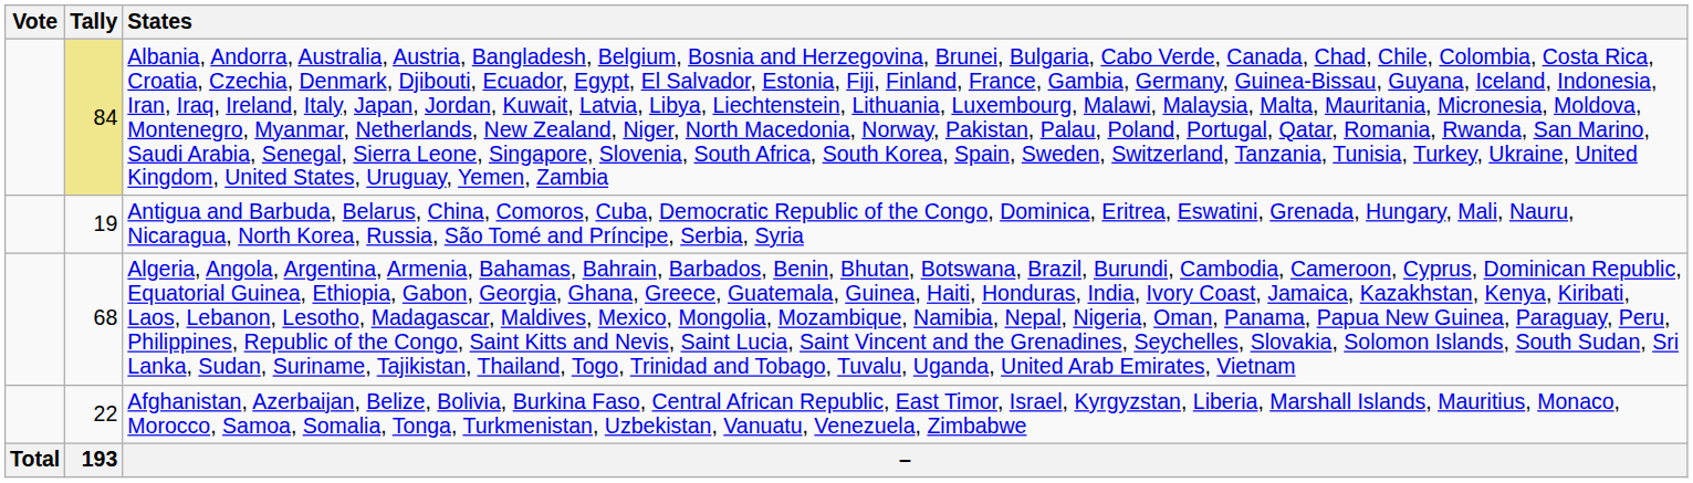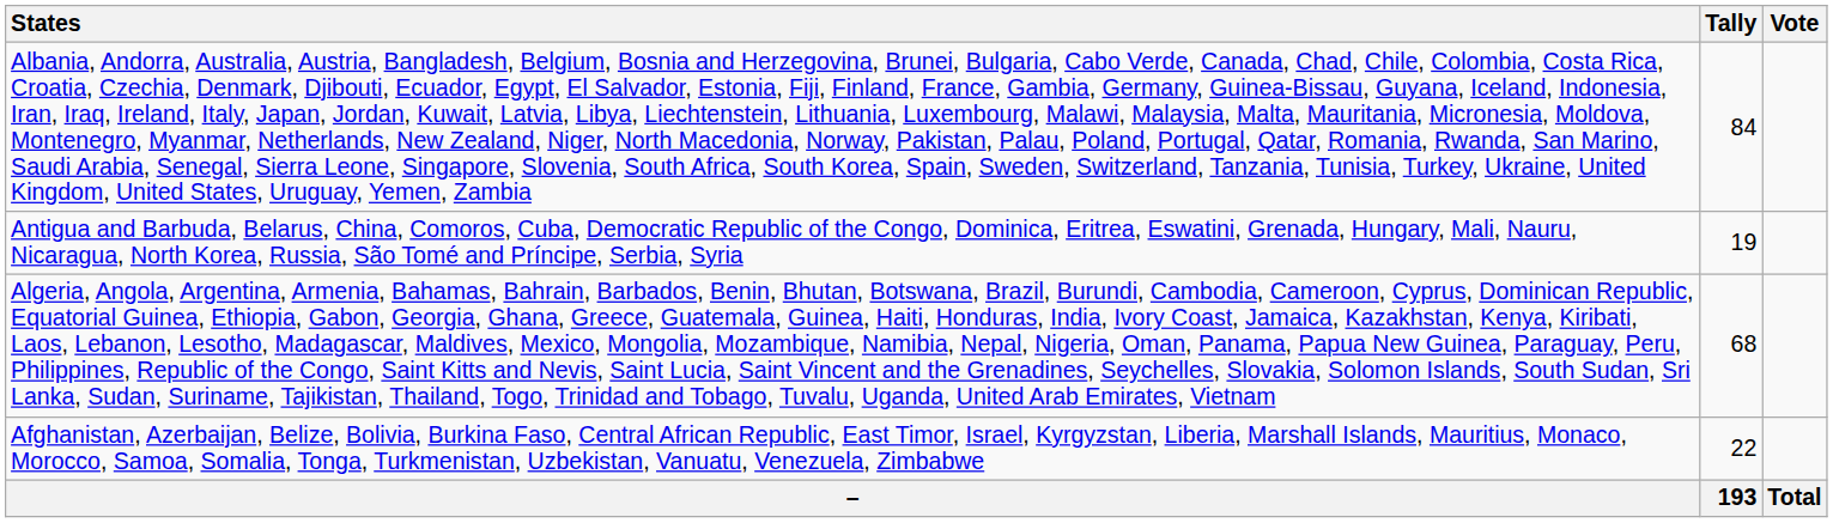 <table class="wikitable sortable">
 <tr>
+<th style="text-align: left; vertical-align: bottom">States</th>
+<th style="text-align: right; vertical-align: bottom;">Tally</th>
 <th style="vertical-align: bottom">Vote</th>
-<th style="text-align: right; vertical-align: bottom;">Tally</th>
-<th style="text-align: left; vertical-align: bottom">States</th>
 </tr>
 <tr>
+<td><a href='#'>Albania</a>, <a href='#'>Andorra</a>, <a href='#'>Australia</a>, <a href='#'>Austria</a>, <a href='#'>Bangladesh</a>, <a href='#'>Belgium</a>, <a href='#'>Bosnia and Herzegovina</a>, <a href='#'>Brunei</a>, <a href='#'>Bulgaria</a>, <a href='#'>Cabo Verde</a>, <a href='#'>Canada</a>, <a href='#'>Chad</a>, <a href='#'>Chile</a>, <a href='#'>Colombia</a>, <a href='#'>Costa Rica</a>, <a href='#'>Croatia</a>, <a href='#'>Czechia</a>, <a href='#'>Denmark</a>, <a href='#'>Djibouti</a>, <a href='#'>Ecuador</a>, <a href='#'>Egypt</a>, <a href='#'>El Salvador</a>, <a href='#'>Estonia</a>, <a href='#'>Fiji</a>, <a href='#'>Finland</a>, <a href='#'>France</a>, <a href='#'>Gambia</a>, <a href='#'>Germany</a>, <a href='#'>Guinea-Bissau</a>, <a href='#'>Guyana</a>, <a href='#'>Iceland</a>, <a href='#'>Indonesia</a>, <a href='#'>Iran</a>, <a href='#'>Iraq</a>, <a href='#'>Ireland</a>, <a href='#'>Italy</a>, <a href='#'>Japan</a>, <a href='#'>Jordan</a>, <a href='#'>Kuwait</a>, <a href='#'>Latvia</a>, <a href='#'>Libya</a>, <a href='#'>Liechtenstein</a>, <a href='#'>Lithuania</a>, <a href='#'>Luxembourg</a>, <a href='#'>Malawi</a>, <a href='#'>Malaysia</a>, <a href='#'>Malta</a>, <a href='#'>Mauritania</a>, <a href='#'>Micronesia</a>, <a href='#'>Moldova</a>, <a href='#'>Montenegro</a>, <a href='#'>Myanmar</a>, <a href='#'>Netherlands</a>, <a href='#'>New Zealand</a>, <a href='#'>Niger</a>, <a href='#'>North Macedonia</a>, <a href='#'>Norway</a>, <a href='#'>Pakistan</a>, <a href='#'>Palau</a>, <a href='#'>Poland</a>, <a href='#'>Portugal</a>, <a href='#'>Qatar</a>, <a href='#'>Romania</a>, <a href='#'>Rwanda</a>, <a href='#'>San Marino</a>, <a href='#'>Saudi Arabia</a>, <a href='#'>Senegal</a>, <a href='#'>Sierra Leone</a>, <a href='#'>Singapore</a>, <a href='#'>Slovenia</a>, <a href='#'>South Africa</a>, <a href='#'>South Korea</a>, <a href='#'>Spain</a>, <a href='#'>Sweden</a>, <a href='#'>Switzerland</a>, <a href='#'>Tanzania</a>, <a href='#'>Tunisia</a>, <a href='#'>Turkey</a>, <a href='#'>Ukraine</a>, <a href='#'>United Kingdom</a>, <a href='#'>United States</a>, <a href='#'>Uruguay</a>, <a href='#'>Yemen</a>, <a href='#'>Zambia</a></td>
+<td style="text-align: right">84</td>
 <td></td>
-<td style="background: khaki; text-align: right">84</td>
-<td><a href='#'>Albania</a>, <a href='#'>Andorra</a>, <a href='#'>Australia</a>, <a href='#'>Austria</a>, <a href='#'>Bangladesh</a>, <a href='#'>Belgium</a>, <a href='#'>Bosnia and Herzegovina</a>, <a href='#'>Brunei</a>, <a href='#'>Bulgaria</a>, <a href='#'>Cabo Verde</a>, <a href='#'>Canada</a>, <a href='#'>Chad</a>, <a href='#'>Chile</a>, <a href='#'>Colombia</a>, <a href='#'>Costa Rica</a>, <a href='#'>Croatia</a>, <a href='#'>Czechia</a>, <a href='#'>Denmark</a>, <a href='#'>Djibouti</a>, <a href='#'>Ecuador</a>, <a href='#'>Egypt</a>, <a href='#'>El Salvador</a>, <a href='#'>Estonia</a>, <a href='#'>Fiji</a>, <a href='#'>Finland</a>, <a href='#'>France</a>, <a href='#'>Gambia</a>, <a href='#'>Germany</a>, <a href='#'>Guinea-Bissau</a>, <a href='#'>Guyana</a>, <a href='#'>Iceland</a>, <a href='#'>Indonesia</a>, <a href='#'>Iran</a>, <a href='#'>Iraq</a>, <a href='#'>Ireland</a>, <a href='#'>Italy</a>, <a href='#'>Japan</a>, <a href='#'>Jordan</a>, <a href='#'>Kuwait</a>, <a href='#'>Latvia</a>, <a href='#'>Libya</a>, <a href='#'>Liechtenstein</a>, <a href='#'>Lithuania</a>, <a href='#'>Luxembourg</a>, <a href='#'>Malawi</a>, <a href='#'>Malaysia</a>, <a href='#'>Malta</a>, <a href='#'>Mauritania</a>, <a href='#'>Micronesia</a>, <a href='#'>Moldova</a>, <a href='#'>Montenegro</a>, <a href='#'>Myanmar</a>, <a href='#'>Netherlands</a>, <a href='#'>New Zealand</a>, <a href='#'>Niger</a>, <a href='#'>North Macedonia</a>, <a href='#'>Norway</a>, <a href='#'>Pakistan</a>, <a href='#'>Palau</a>, <a href='#'>Poland</a>, <a href='#'>Portugal</a>, <a href='#'>Qatar</a>, <a href='#'>Romania</a>, <a href='#'>Rwanda</a>, <a href='#'>San Marino</a>, <a href='#'>Saudi Arabia</a>, <a href='#'>Senegal</a>, <a href='#'>Sierra Leone</a>, <a href='#'>Singapore</a>, <a href='#'>Slovenia</a>, <a href='#'>South Africa</a>, <a href='#'>South Korea</a>, <a href='#'>Spain</a>, <a href='#'>Sweden</a>, <a href='#'>Switzerland</a>, <a href='#'>Tanzania</a>, <a href='#'>Tunisia</a>, <a href='#'>Turkey</a>, <a href='#'>Ukraine</a>, <a href='#'>United Kingdom</a>, <a href='#'>United States</a>, <a href='#'>Uruguay</a>, <a href='#'>Yemen</a>, <a href='#'>Zambia</a></td>
 </tr>
 <tr>
+<td><a href='#'>Antigua and Barbuda</a>, <a href='#'>Belarus</a>, <a href='#'>China</a>, <a href='#'>Comoros</a>, <a href='#'>Cuba</a>, <a href='#'>Democratic Republic of the Congo</a>, <a href='#'>Dominica</a>, <a href='#'>Eritrea</a>, <a href='#'>Eswatini</a>, <a href='#'>Grenada</a>, <a href='#'>Hungary</a>, <a href='#'>Mali</a>, <a href='#'>Nauru</a>, <a href='#'>Nicaragua</a>, <a href='#'>North Korea</a>, <a href='#'>Russia</a>, <a href='#'>São Tomé and Príncipe</a>, <a href='#'>Serbia</a>, <a href='#'>Syria</a></td>
+<td style="text-align: right">19</td>
 <td></td>
-<td style="text-align: right">19</td>
-<td><a href='#'>Antigua and Barbuda</a>, <a href='#'>Belarus</a>, <a href='#'>China</a>, <a href='#'>Comoros</a>, <a href='#'>Cuba</a>, <a href='#'>Democratic Republic of the Congo</a>, <a href='#'>Dominica</a>, <a href='#'>Eritrea</a>, <a href='#'>Eswatini</a>, <a href='#'>Grenada</a>, <a href='#'>Hungary</a>, <a href='#'>Mali</a>, <a href='#'>Nauru</a>, <a href='#'>Nicaragua</a>, <a href='#'>North Korea</a>, <a href='#'>Russia</a>, <a href='#'>São Tomé and Príncipe</a>, <a href='#'>Serbia</a>, <a href='#'>Syria</a></td>
 </tr>
 <tr>
+<td><a href='#'>Algeria</a>, <a href='#'>Angola</a>, <a href='#'>Argentina</a>, <a href='#'>Armenia</a>, <a href='#'>Bahamas</a>, <a href='#'>Bahrain</a>, <a href='#'>Barbados</a>, <a href='#'>Benin</a>, <a href='#'>Bhutan</a>, <a href='#'>Botswana</a>, <a href='#'>Brazil</a>, <a href='#'>Burundi</a>, <a href='#'>Cambodia</a>, <a href='#'>Cameroon</a>, <a href='#'>Cyprus</a>, <a href='#'>Dominican Republic</a>, <a href='#'>Equatorial Guinea</a>, <a href='#'>Ethiopia</a>, <a href='#'>Gabon</a>, <a href='#'>Georgia</a>, <a href='#'>Ghana</a>, <a href='#'>Greece</a>, <a href='#'>Guatemala</a>, <a href='#'>Guinea</a>, <a href='#'>Haiti</a>, <a href='#'>Honduras</a>, <a href='#'>India</a>, <a href='#'>Ivory Coast</a>, <a href='#'>Jamaica</a>, <a href='#'>Kazakhstan</a>, <a href='#'>Kenya</a>, <a href='#'>Kiribati</a>, <a href='#'>Laos</a>, <a href='#'>Lebanon</a>, <a href='#'>Lesotho</a>, <a href='#'>Madagascar</a>, <a href='#'>Maldives</a>, <a href='#'>Mexico</a>, <a href='#'>Mongolia</a>, <a href='#'>Mozambique</a>, <a href='#'>Namibia</a>, <a href='#'>Nepal</a>, <a href='#'>Nigeria</a>, <a href='#'>Oman</a>, <a href='#'>Panama</a>, <a href='#'>Papua New Guinea</a>, <a href='#'>Paraguay</a>, <a href='#'>Peru</a>, <a href='#'>Philippines</a>, <a href='#'>Republic of the Congo</a>, <a href='#'>Saint Kitts and Nevis</a>, <a href='#'>Saint Lucia</a>, <a href='#'>Saint Vincent and the Grenadines</a>, <a href='#'>Seychelles</a>, <a href='#'>Slovakia</a>, <a href='#'>Solomon Islands</a>, <a href='#'>South Sudan</a>, <a href='#'>Sri Lanka</a>, <a href='#'>Sudan</a>, <a href='#'>Suriname</a>, <a href='#'>Tajikistan</a>, <a href='#'>Thailand</a>, <a href='#'>Togo</a>, <a href='#'>Trinidad and Tobago</a>, <a href='#'>Tuvalu</a>, <a href='#'>Uganda</a>, <a href='#'>United Arab Emirates</a>, <a href='#'>Vietnam</a></td>
+<td style="text-align: right">68</td>
 <td></td>
-<td style="text-align: right">68</td>
-<td><a href='#'>Algeria</a>, <a href='#'>Angola</a>, <a href='#'>Argentina</a>, <a href='#'>Armenia</a>, <a href='#'>Bahamas</a>, <a href='#'>Bahrain</a>, <a href='#'>Barbados</a>, <a href='#'>Benin</a>, <a href='#'>Bhutan</a>, <a href='#'>Botswana</a>, <a href='#'>Brazil</a>, <a href='#'>Burundi</a>, <a href='#'>Cambodia</a>, <a href='#'>Cameroon</a>, <a href='#'>Cyprus</a>, <a href='#'>Dominican Republic</a>, <a href='#'>Equatorial Guinea</a>, <a href='#'>Ethiopia</a>, <a href='#'>Gabon</a>, <a href='#'>Georgia</a>, <a href='#'>Ghana</a>, <a href='#'>Greece</a>, <a href='#'>Guatemala</a>, <a href='#'>Guinea</a>, <a href='#'>Haiti</a>, <a href='#'>Honduras</a>, <a href='#'>India</a>, <a href='#'>Ivory Coast</a>, <a href='#'>Jamaica</a>, <a href='#'>Kazakhstan</a>, <a href='#'>Kenya</a>, <a href='#'>Kiribati</a>, <a href='#'>Laos</a>, <a href='#'>Lebanon</a>, <a href='#'>Lesotho</a>, <a href='#'>Madagascar</a>, <a href='#'>Maldives</a>, <a href='#'>Mexico</a>, <a href='#'>Mongolia</a>, <a href='#'>Mozambique</a>, <a href='#'>Namibia</a>, <a href='#'>Nepal</a>, <a href='#'>Nigeria</a>, <a href='#'>Oman</a>, <a href='#'>Panama</a>, <a href='#'>Papua New Guinea</a>, <a href='#'>Paraguay</a>, <a href='#'>Peru</a>, <a href='#'>Philippines</a>, <a href='#'>Republic of the Congo</a>, <a href='#'>Saint Kitts and Nevis</a>, <a href='#'>Saint Lucia</a>, <a href='#'>Saint Vincent and the Grenadines</a>, <a href='#'>Seychelles</a>, <a href='#'>Slovakia</a>, <a href='#'>Solomon Islands</a>, <a href='#'>South Sudan</a>, <a href='#'>Sri Lanka</a>, <a href='#'>Sudan</a>, <a href='#'>Suriname</a>, <a href='#'>Tajikistan</a>, <a href='#'>Thailand</a>, <a href='#'>Togo</a>, <a href='#'>Trinidad and Tobago</a>, <a href='#'>Tuvalu</a>, <a href='#'>Uganda</a>, <a href='#'>United Arab Emirates</a>, <a href='#'>Vietnam</a></td>
 </tr>
 <tr>
+<td><a href='#'>Afghanistan</a>, <a href='#'>Azerbaijan</a>, <a href='#'>Belize</a>, <a href='#'>Bolivia</a>, <a href='#'>Burkina Faso</a>, <a href='#'>Central African Republic</a>, <a href='#'>East Timor</a>, <a href='#'>Israel</a>, <a href='#'>Kyrgyzstan</a>, <a href='#'>Liberia</a>, <a href='#'>Marshall Islands</a>, <a href='#'>Mauritius</a>, <a href='#'>Monaco</a>, <a href='#'>Morocco</a>, <a href='#'>Samoa</a>, <a href='#'>Somalia</a>, <a href='#'>Tonga</a>, <a href='#'>Turkmenistan</a>, <a href='#'>Uzbekistan</a>, <a href='#'>Vanuatu</a>, <a href='#'>Venezuela</a>, <a href='#'>Zimbabwe</a></td>
+<td style="text-align: right">22</td>
 <td></td>
-<td style="text-align: right">22</td>
-<td><a href='#'>Afghanistan</a>, <a href='#'>Azerbaijan</a>, <a href='#'>Belize</a>, <a href='#'>Bolivia</a>, <a href='#'>Burkina Faso</a>, <a href='#'>Central African Republic</a>, <a href='#'>East Timor</a>, <a href='#'>Israel</a>, <a href='#'>Kyrgyzstan</a>, <a href='#'>Liberia</a>, <a href='#'>Marshall Islands</a>, <a href='#'>Mauritius</a>, <a href='#'>Monaco</a>, <a href='#'>Morocco</a>, <a href='#'>Samoa</a>, <a href='#'>Somalia</a>, <a href='#'>Tonga</a>, <a href='#'>Turkmenistan</a>, <a href='#'>Uzbekistan</a>, <a href='#'>Vanuatu</a>, <a href='#'>Venezuela</a>, <a href='#'>Zimbabwe</a></td>
 </tr>
 <tr>
+<th>–</th>
+<th style="text-align: right">193</th>
 <th style="text-align: left">Total</th>
-<th style="text-align: right">193</th>
-<th>–</th>
 </tr>
 </table>
